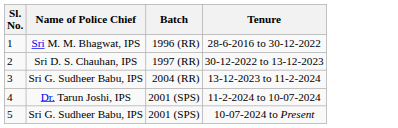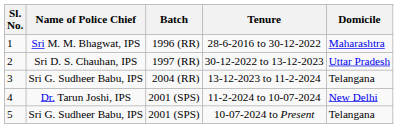 <table class="wikitable sortable">
 <tr>
 <th style="padding-center:15px;">Sl.<br>No.</th>
 <th style="padding-center:15px;">Name of Police Chief</th>
 <th style="padding-center:15px;">Batch</th>
 <th style="padding-center:15px;">Tenure</th>
+<th style="padding-center:15px;">Domicile</th>
 </tr>
 <tr>
 <td>1</td>
 <td align=center><a href='#'>Sri</a> M. M. Bhagwat, IPS</td>
 <td align=right>1996 (RR)</td>
 <td align=center>28-6-2016 to 30-12-2022</td>
+<td><a href='#'>Maharashtra</a></td>
 </tr>
 <tr>
 <td>2</td>
 <td align=center>Sri D. S. Chauhan, IPS</td>
 <td align=right>1997 (RR)</td>
 <td align=center>30-12-2022 to 13-12-2023</td>
+<td><a href='#'>Uttar Pradesh</a></td>
 </tr>
 <tr>
 <td>3</td>
 <td align=center>Sri G. Sudheer Babu, IPS</td>
 <td align=right>2004 (RR)</td>
 <td align=center>13-12-2023 to 11-2-2024</td>
+<td>Telangana</td>
 </tr>
 <tr>
 <td>4</td>
 <td align=center><a href='#'>Dr.</a> Tarun Joshi, IPS</td>
 <td align=right>2001 (SPS)</td>
 <td align=center>11-2-2024 to 10-07-2024</td>
+<td><a href='#'>New Delhi</a></td>
 </tr>
 <tr>
 <td>5</td>
 <td align=center>Sri G. Sudheer Babu, IPS</td>
 <td align=right>2001 (SPS)</td>
 <td align=center>10-07-2024 to <em>Present</em></td>
+<td>Telangana</td>
 </tr>
 </table>
